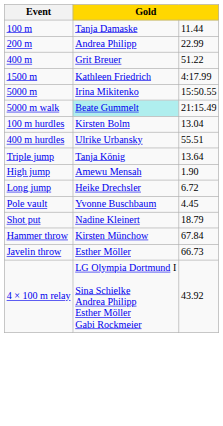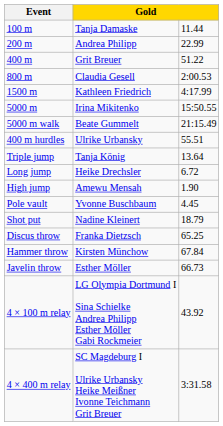 <table class="wikitable">
 <tr>
 <th>Event</th>
 <th style="background:gold;" colspan=2>Gold</th>
 </tr>
 <tr>
 <td><a href='#'>100 m</a></td>
 <td><a href='#'>Tanja Damaske</a></td>
 <td>11.44</td>
 </tr>
 <tr>
 <td><a href='#'>200 m</a></td>
 <td><a href='#'>Andrea Philipp</a></td>
 <td>22.99</td>
 </tr>
 <tr>
 <td><a href='#'>400 m</a></td>
 <td><a href='#'>Grit Breuer</a></td>
 <td>51.22</td>
 </tr>
 <tr>
+<td><a href='#'>800 m</a></td>
+<td><a href='#'>Claudia Gesell</a></td>
+<td>2:00.53</td>
+</tr>
+<tr>
 <td><a href='#'>1500 m</a></td>
 <td><a href='#'>Kathleen Friedrich</a></td>
 <td>4:17.99</td>
 </tr>
 <tr>
 <td><a href='#'>5000 m</a></td>
 <td><a href='#'>Irina Mikitenko</a></td>
 <td>15:50.55</td>
 </tr>
 <tr>
 <td><a href='#'>5000 m walk</a></td>
-<td style="background: paleturquoise;"><a href='#'>Beate Gummelt</a></td>
+<td><a href='#'>Beate Gummelt</a></td>
 <td>21:15.49</td>
-</tr>
-<tr>
-<td><a href='#'>100 m hurdles</a></td>
-<td><a href='#'>Kirsten Bolm</a></td>
-<td>13.04</td>
 </tr>
 <tr>
 <td><a href='#'>400 m hurdles</a></td>
 <td><a href='#'>Ulrike Urbansky</a></td>
 <td>55.51</td>
 </tr>
 <tr>
 <td><a href='#'>Triple jump</a></td>
 <td><a href='#'>Tanja König</a></td>
 <td>13.64</td>
 </tr>
 <tr>
+<td><a href='#'>Long jump</a></td>
+<td><a href='#'>Heike Drechsler</a></td>
+<td>6.72</td>
+</tr>
+<tr>
 <td><a href='#'>High jump</a></td>
 <td><a href='#'>Amewu Mensah</a></td>
 <td>1.90</td>
-</tr>
-<tr>
-<td><a href='#'>Long jump</a></td>
-<td><a href='#'>Heike Drechsler</a></td>
-<td>6.72</td>
 </tr>
 <tr>
 <td><a href='#'>Pole vault</a></td>
 <td><a href='#'>Yvonne Buschbaum</a></td>
 <td>4.45 </td>
 </tr>
 <tr>
 <td><a href='#'>Shot put</a></td>
 <td><a href='#'>Nadine Kleinert</a></td>
 <td>18.79</td>
+</tr>
+<tr>
+<td><a href='#'>Discus throw</a></td>
+<td><a href='#'>Franka Dietzsch</a></td>
+<td>65.25</td>
 </tr>
 <tr>
 <td><a href='#'>Hammer throw</a></td>
 <td><a href='#'>Kirsten Münchow</a></td>
 <td>67.84</td>
 </tr>
 <tr>
 <td><a href='#'>Javelin throw</a></td>
 <td><a href='#'>Esther Möller</a></td>
 <td>66.73 </td>
 </tr>
 <tr>
 <td><a href='#'>4 × 100 m relay</a></td>
 <td><a href='#'>LG Olympia Dortmund</a> I <br><br><a href='#'>Sina Schielke</a> <br> <a href='#'>Andrea Philipp</a> <br> <a href='#'>Esther Möller</a> <br> <a href='#'>Gabi Rockmeier</a></td>
 <td>43.92</td>
 </tr>
+<tr>
+<td><a href='#'>4 × 400 m relay</a></td>
+<td><a href='#'>SC Magdeburg</a> I <br><br><a href='#'>Ulrike Urbansky</a> <br> <a href='#'>Heike Meißner</a> <br> <a href='#'>Ivonne Teichmann</a> <br> <a href='#'>Grit Breuer</a></td>
+<td>3:31.58</td>
+</tr>
 </table>
